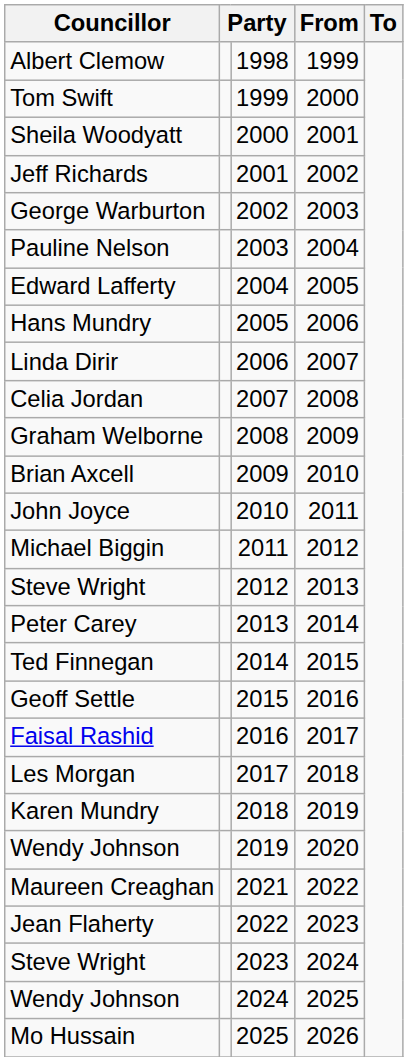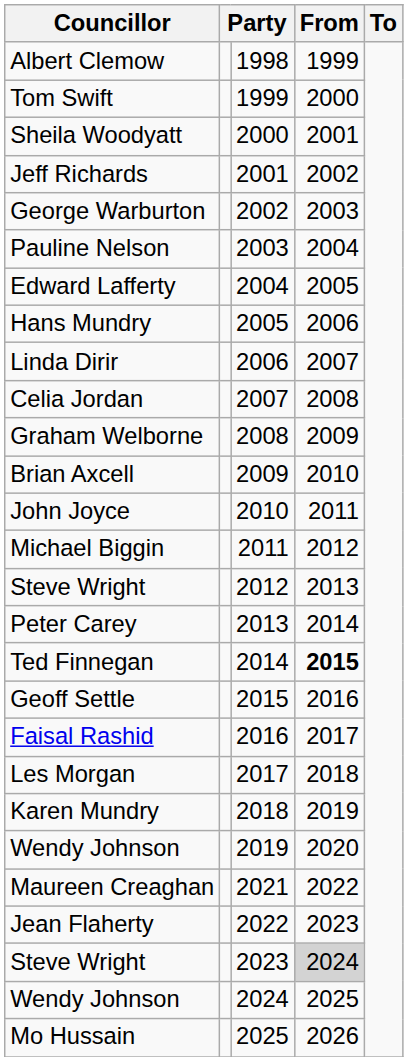 <table class=wikitable>
 <tr>
 <th>Councillor</th>
 <th colspan=2>Party</th>
 <th>From</th>
 <th>To</th>
 </tr>
 <tr>
 <td>Albert Clemow</td>
 <td></td>
 <td align=right>1998</td>
 <td align=right>1999</td>
 </tr>
 <tr>
 <td>Tom Swift</td>
 <td></td>
 <td align=right>1999</td>
 <td align=right>2000</td>
 </tr>
 <tr>
 <td>Sheila Woodyatt</td>
 <td></td>
 <td align=right>2000</td>
 <td align=right>2001</td>
 </tr>
 <tr>
 <td>Jeff Richards</td>
 <td></td>
 <td align=right>2001</td>
 <td align=right>2002</td>
 </tr>
 <tr>
 <td>George Warburton</td>
 <td></td>
 <td align=right>2002</td>
 <td align=right>2003</td>
 </tr>
 <tr>
 <td>Pauline Nelson</td>
 <td></td>
 <td align=right>2003</td>
 <td align=right>2004</td>
 </tr>
 <tr>
 <td>Edward Lafferty</td>
 <td></td>
 <td align=right>2004</td>
 <td align=right>2005</td>
 </tr>
 <tr>
 <td>Hans Mundry</td>
 <td></td>
 <td align=right>2005</td>
 <td align=right>2006</td>
 </tr>
 <tr>
 <td>Linda Dirir</td>
 <td></td>
 <td align=right>2006</td>
 <td align=right>2007</td>
 </tr>
 <tr>
 <td>Celia Jordan</td>
 <td></td>
 <td align=right>2007</td>
 <td align=right>2008</td>
 </tr>
 <tr>
 <td>Graham Welborne</td>
 <td></td>
 <td align=right>2008</td>
 <td align=right>2009</td>
 </tr>
 <tr>
 <td>Brian Axcell</td>
 <td></td>
 <td align=right>2009</td>
 <td align=right>2010</td>
 </tr>
 <tr>
 <td>John Joyce</td>
 <td></td>
 <td align=right>2010</td>
 <td align=right>2011</td>
 </tr>
 <tr>
 <td>Michael Biggin</td>
 <td></td>
 <td align=right>2011</td>
 <td align=right>2012</td>
 </tr>
 <tr>
 <td>Steve Wright</td>
 <td></td>
 <td align=right>2012</td>
 <td align=right>2013</td>
 </tr>
 <tr>
 <td>Peter Carey</td>
 <td></td>
 <td align=right>2013</td>
 <td align=right>2014</td>
 </tr>
 <tr>
 <td>Ted Finnegan</td>
 <td></td>
 <td align=right>2014</td>
-<td align=right>2015</td>
+<td align=right><strong>2015</strong></td>
 </tr>
 <tr>
 <td>Geoff Settle</td>
 <td></td>
 <td align=right>2015</td>
 <td align=right>2016</td>
 </tr>
 <tr>
 <td><a href='#'>Faisal Rashid</a></td>
 <td></td>
 <td align=right>2016</td>
 <td align=right>2017</td>
 </tr>
 <tr>
 <td>Les Morgan</td>
 <td></td>
 <td align=right>2017</td>
 <td align=right>2018</td>
 </tr>
 <tr>
 <td>Karen Mundry</td>
 <td></td>
 <td align=right>2018</td>
 <td align=right>2019</td>
 </tr>
 <tr>
 <td>Wendy Johnson</td>
 <td></td>
 <td align=right>2019</td>
 <td align=right>2020</td>
 </tr>
 <tr>
 <td>Maureen Creaghan</td>
 <td></td>
 <td align=right>2021</td>
 <td align=right>2022</td>
 </tr>
 <tr>
 <td>Jean Flaherty</td>
 <td></td>
 <td align=right>2022</td>
 <td align=right>2023</td>
 </tr>
 <tr>
 <td>Steve Wright</td>
 <td></td>
 <td align=right>2023</td>
-<td align=right>2024</td>
+<td align=right style="background: lightgrey;">2024</td>
 </tr>
 <tr>
 <td>Wendy Johnson</td>
 <td></td>
 <td align=right>2024</td>
 <td align=right>2025</td>
 </tr>
 <tr>
 <td>Mo Hussain</td>
 <td></td>
 <td align=right>2025</td>
 <td align=right>2026</td>
 </tr>
 </table>
